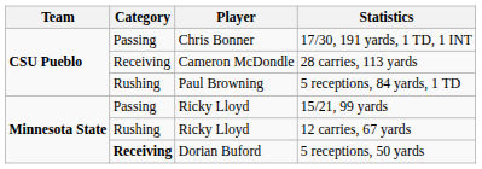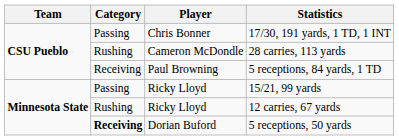 <table class="wikitable" style="float: right;">
 <tr>
 <th>Team</th>
 <th>Category</th>
 <th>Player</th>
 <th>Statistics</th>
 </tr>
 <tr>
 <td rowspan=3><strong>CSU Pueblo</strong></td>
 <td>Passing</td>
 <td>Chris Bonner</td>
 <td>17/30, 191 yards, 1 TD, 1 INT</td>
 </tr>
 <tr>
-<td>Receiving</td>
+<td>Rushing</td>
 <td>Cameron McDondle</td>
 <td>28 carries, 113 yards</td>
 </tr>
 <tr>
-<td>Rushing</td>
+<td>Receiving</td>
 <td>Paul Browning</td>
 <td>5 receptions, 84 yards, 1 TD</td>
 </tr>
 <tr>
 <td rowspan=3><strong>Minnesota State</strong></td>
 <td>Passing</td>
 <td>Ricky Lloyd</td>
 <td>15/21, 99 yards</td>
 </tr>
 <tr>
 <td>Rushing</td>
 <td>Ricky Lloyd</td>
 <td>12 carries, 67 yards</td>
 </tr>
 <tr>
 <td><strong>Receiving</strong></td>
 <td>Dorian Buford</td>
 <td>5 receptions, 50 yards</td>
 </tr>
 </table>
